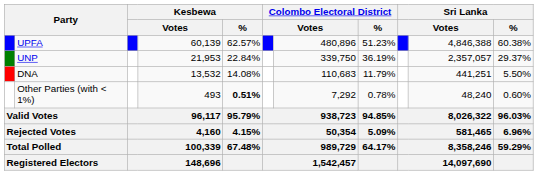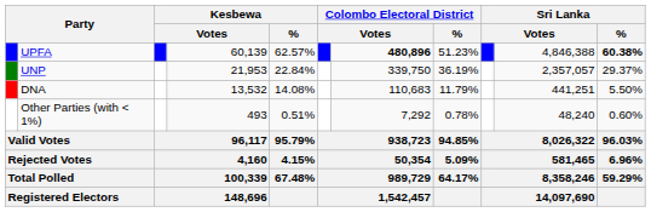 <table class="wikitable">
 <tr>
 <th colspan="2" width="144px"rowspan="2">Party</th>
 <th colspan="3" width="216px">Kesbewa</th>
 <th colspan="3" width="216px"><a href='#'>Colombo Electoral District</a></th>
 <th colspan="3" width="216px">Sri Lanka</th>
 </tr>
 <tr>
 <th colspan="2" width="144px">Votes</th>
 <th>%</th>
 <th colspan="2" width="144px">Votes</th>
 <th>%</th>
 <th colspan="2" width="144px">Votes</th>
 <th>%</th>
 </tr>
 <tr>
 <td style="background-color:blue;" width="10px"></td>
 <td style="text-align:left;"><a href='#'>UPFA</a></td>
 <td style="background-color:blue;" width="10px"></td>
 <td style="text-align:right;">60,139</td>
 <td style="text-align:right;">62.57%</td>
 <td style="background-color:blue;" width="10px"></td>
-<td style="text-align:right;">480,896</td>
+<td style="text-align:right;"><strong>480,896</strong></td>
 <td style="text-align:right;">51.23%</td>
 <td style="background-color:blue;" width="10px"></td>
 <td style="text-align:right;">4,846,388</td>
-<td style="text-align:right;">60.38%</td>
+<td style="text-align:right;"><strong>60.38%</strong></td>
 </tr>
 <tr>
 <td style="background-color:green;" width="10px"></td>
 <td style="text-align:left;"><a href='#'>UNP</a></td>
 <td style="background-color:white;" width="10px"></td>
 <td style="text-align:right;">21,953</td>
 <td style="text-align:right;">22.84%</td>
 <td style="background-color:white;" width="10px"></td>
 <td style="text-align:right;">339,750</td>
 <td style="text-align:right;">36.19%</td>
 <td style="background-color:white;" width="10px"></td>
 <td style="text-align:right;">2,357,057</td>
 <td style="text-align:right;">29.37%</td>
 </tr>
 <tr>
 <td style="background-color:red;" width="10px"></td>
 <td style="text-align:left;">DNA</td>
 <td style="background-color:white;" width="10px"></td>
 <td style="text-align:right;">13,532</td>
 <td style="text-align:right;">14.08%</td>
 <td style="background-color:white;" width="10px"></td>
 <td style="text-align:right;">110,683</td>
 <td style="text-align:right;">11.79%</td>
 <td style="background-color:white;" width="10px"></td>
 <td style="text-align:right;">441,251</td>
 <td style="text-align:right;">5.50%</td>
 </tr>
 <tr>
 <td style="background-color:white;" width="10px"></td>
 <td style="text-align:left;">Other Parties (with < 1%)</td>
 <td style="background-color:white;" width="10px"></td>
 <td style="text-align:right;">493</td>
-<td style="text-align:right;"><strong>0.51%</strong></td>
+<td style="text-align:right;">0.51%</td>
 <td style="background-color:white;" width="10px"></td>
 <td style="text-align:right;">7,292</td>
 <td style="text-align:right;">0.78%</td>
 <td style="background-color:white;" width="10px"></td>
 <td style="text-align:right;">48,240</td>
 <td style="text-align:right;">0.60%</td>
 </tr>
 <tr>
 <th colspan="2" width="144px"style="text-align:left;">Valid Votes</th>
 <th style="text-align:right;"colspan="2" width="144px">96,117</th>
 <th style="text-align:right;">95.79%</th>
 <th style="text-align:right;"colspan="2" width="144px">938,723</th>
 <th style="text-align:right;">94.85%</th>
 <th style="text-align:right;"colspan="2" width="144px">8,026,322</th>
 <th style="text-align:right;">96.03%</th>
 </tr>
 <tr>
 <th colspan="2" width="144px"style="text-align:left;">Rejected Votes</th>
 <th style="text-align:right;"colspan="2" width="144px">4,160</th>
 <th style="text-align:right;">4.15%</th>
 <th style="text-align:right;"colspan="2" width="144px">50,354</th>
 <th style="text-align:right;">5.09%</th>
 <th style="text-align:right;"colspan="2" width="144px">581,465</th>
 <th style="text-align:right;">6.96%</th>
 </tr>
 <tr>
 <th colspan="2" width="144px"style="text-align:left;">Total Polled</th>
 <th style="text-align:right;"colspan="2" width="144px">100,339</th>
 <th style="text-align:right;">67.48%</th>
 <th style="text-align:right;"colspan="2" width="144px">989,729</th>
 <th style="text-align:right;">64.17%</th>
 <th style="text-align:right;"colspan="2" width="144px">8,358,246</th>
 <th style="text-align:right;">59.29%</th>
 </tr>
 <tr>
 <th colspan="2" width="144px"style="text-align:left;">Registered Electors</th>
 <th style="text-align:right;"colspan="2" width="144px">148,696</th>
 <th></th>
 <th style="text-align:right;"colspan="2" width="144px">1,542,457</th>
 <th></th>
 <th style="text-align:right;"colspan="2" width="144px">14,097,690</th>
 <th></th>
 </tr>
 </table>
